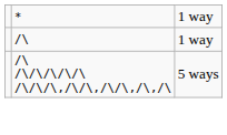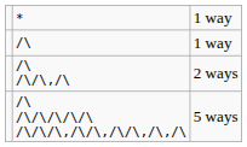 <table class="wikitable">
 <tr>
 <td></td>
 <td style="font-family:monospace;">*</td>
 <td>1 way</td>
 </tr>
 <tr>
 <td></td>
 <td style="font-family:monospace;">/\</td>
 <td>1 way</td>
 </tr>
 <tr>
 <td></td>
+<td style="font-family:monospace;">/\<br>/\/\,/\</td>
+<td>2 ways</td>
+</tr>
+<tr>
+<td></td>
 <td style="font-family:monospace;">/\<br>/\/\/\/\/\<br>/\/\/\,/\/\,/\/\,/\,/\</td>
 <td>5 ways</td>
 </tr>
 </table>
